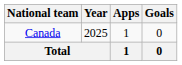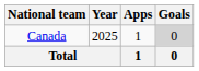 <table class="wikitable" style="text-align:center">
 <tr>
 <th>National team</th>
 <th>Year</th>
 <th>Apps</th>
 <th>Goals</th>
 </tr>
 <tr>
 <td rowspan="1"><a href='#'>Canada</a></td>
 <td>2025</td>
 <td>1</td>
-<td>0</td>
+<td style="background: lightgrey;">0</td>
 </tr>
 <tr>
 <th colspan="2">Total</th>
 <th>1</th>
 <th>0</th>
 </tr>
 </table>
